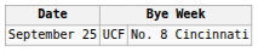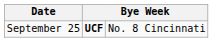 <table class="wikitable" style="font-size:95%;">
 <tr>
 <th>Date</th>
 <th colspan="2">Bye Week</th>
 </tr>
 <tr>
 <td>September 25</td>
-<td>UCF</td>
+<td><strong>UCF</strong></td>
 <td>No. 8 Cincinnati</td>
 </tr>
 </table>
